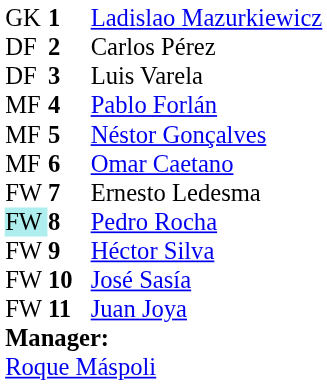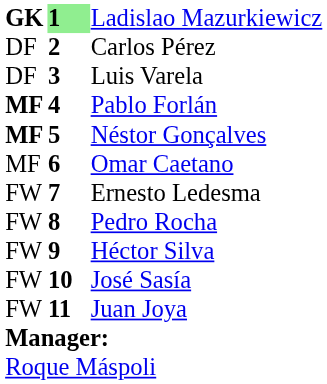 <table cellspacing="0" cellpadding="0" style="font-size:90%; margin:0.2em auto;">
 <tr>
 <th width="25"></th>
 <th width="25"></th>
 </tr>
 <tr>
-<td>GK</td>
-<td><strong>1</strong></td>
+<td><strong>GK</strong></td>
+<td style="background: lightgreen;"><strong>1</strong></td>
 <td> <a href='#'>Ladislao Mazurkiewicz</a></td>
 </tr>
 <tr>
 <td>DF</td>
 <td><strong>2</strong></td>
 <td> Carlos Pérez</td>
 </tr>
 <tr>
 <td>DF</td>
 <td><strong>3</strong></td>
 <td> Luis Varela</td>
 </tr>
 <tr>
-<td>MF</td>
+<td><strong>MF</strong></td>
 <td><strong>4</strong></td>
 <td> <a href='#'>Pablo Forlán</a></td>
 </tr>
 <tr>
-<td>MF</td>
+<td><strong>MF</strong></td>
 <td><strong>5</strong></td>
 <td> <a href='#'>Néstor Gonçalves</a></td>
 </tr>
 <tr>
 <td>MF</td>
 <td><strong>6</strong></td>
 <td> <a href='#'>Omar Caetano</a></td>
 </tr>
 <tr>
 <td>FW</td>
 <td><strong>7</strong></td>
 <td> Ernesto Ledesma</td>
 </tr>
 <tr>
-<td style="background: paleturquoise;">FW</td>
+<td>FW</td>
 <td><strong>8</strong></td>
 <td> <a href='#'>Pedro Rocha</a></td>
 </tr>
 <tr>
 <td>FW</td>
 <td><strong>9</strong></td>
 <td> <a href='#'>Héctor Silva</a></td>
 </tr>
 <tr>
 <td>FW</td>
 <td><strong>10</strong></td>
 <td> <a href='#'>José Sasía</a></td>
 </tr>
 <tr>
 <td>FW</td>
 <td><strong>11</strong></td>
 <td> <a href='#'>Juan Joya</a></td>
 </tr>
 <tr>
 <td colspan=3><strong>Manager:</strong></td>
 </tr>
 <tr>
 <td colspan=4> <a href='#'>Roque Máspoli</a></td>
 </tr>
 </table>
